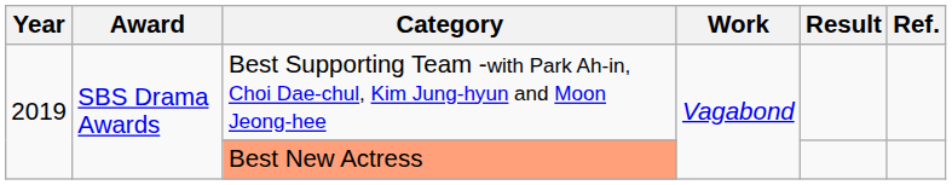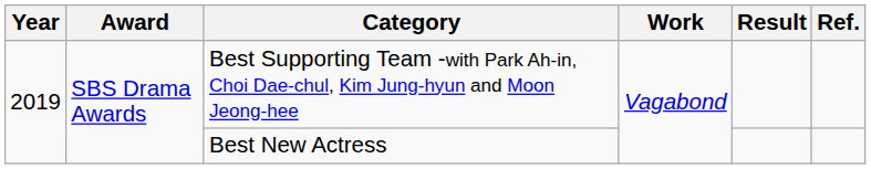 <table class="wikitable">
 <tr>
 <th>Year</th>
 <th>Award</th>
 <th>Category</th>
 <th>Work</th>
 <th>Result</th>
 <th>Ref.</th>
 </tr>
 <tr>
 <td rowspan="2">2019</td>
 <td rowspan="2"><a href='#'>SBS Drama Awards</a></td>
 <td>Best Supporting Team -<small>with Park Ah-in, <a href='#'>Choi Dae-chul</a>, <a href='#'>Kim Jung-hyun</a> and <a href='#'>Moon Jeong-hee</a></small></td>
 <td rowspan="2"><em><a href='#'>Vagabond</a></em></td>
 <td></td>
 <td rowspan="1"></td>
 </tr>
 <tr>
-<td style="background: lightsalmon;">Best New Actress</td>
+<td>Best New Actress</td>
 <td></td>
 <td></td>
 </tr>
 </table>
